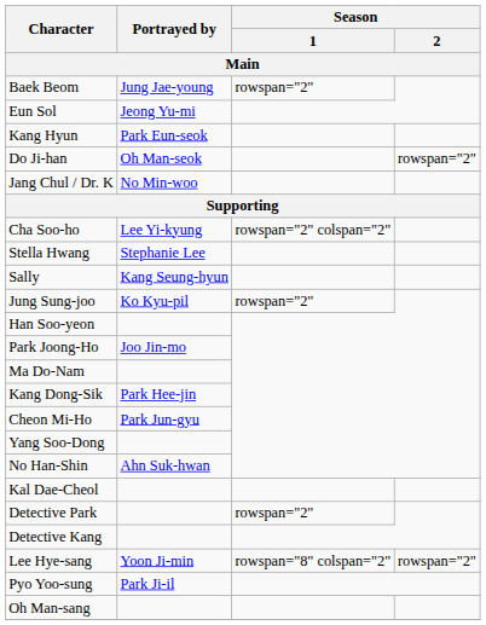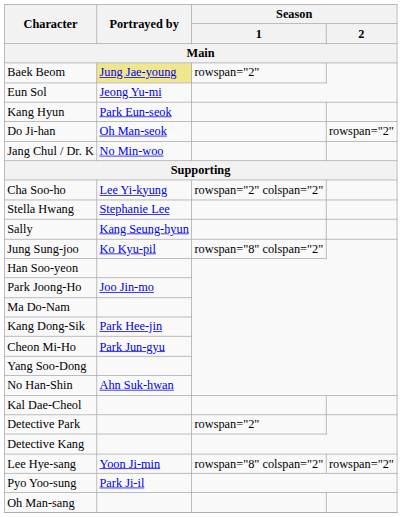 <table class="wikitable">
 <tr>
 <th scope="col" rowspan="2">Character</th>
 <th scope="col" rowspan="2">Portrayed by</th>
 <th scope="col" colspan="2">Season</th>
 </tr>
 <tr>
 <th scope="col">1</th>
 <th scope="col">2</th>
 </tr>
 <tr>
 <th scope="col" colspan="4">Main</th>
 </tr>
 <tr>
 <td>Baek Beom</td>
-<td><a href='#'>Jung Jae-young</a></td>
+<td style="background: khaki;"><a href='#'>Jung Jae-young</a></td>
 <td>rowspan="2" </td>
 </tr>
 <tr>
 <td>Eun Sol</td>
 <td><a href='#'>Jeong Yu-mi</a></td>
 </tr>
 <tr>
 <td>Kang Hyun</td>
 <td><a href='#'>Park Eun-seok</a></td>
 <td></td>
 <td></td>
 </tr>
 <tr>
 <td>Do Ji-han</td>
 <td><a href='#'>Oh Man-seok</a></td>
 <td></td>
 <td>rowspan="2"  </td>
 </tr>
 <tr>
 <td>Jang Chul / Dr. K</td>
 <td><a href='#'>No Min-woo</a></td>
 <td></td>
 </tr>
 <tr>
 <th scope="col" colspan="4">Supporting</th>
 </tr>
 <tr>
 <td>Cha Soo-ho</td>
 <td><a href='#'>Lee Yi-kyung</a></td>
 <td>rowspan="2" colspan="2" </td>
 <td></td>
 </tr>
 <tr>
 <td>Stella Hwang</td>
 <td><a href='#'>Stephanie Lee</a></td>
 <td></td>
 </tr>
 <tr>
 <td>Sally</td>
 <td><a href='#'>Kang Seung-hyun</a></td>
 <td></td>
 <td></td>
 </tr>
 <tr>
 <td>Jung Sung-joo</td>
 <td><a href='#'>Ko Kyu-pil</a></td>
-<td>rowspan="2" </td>
+<td>rowspan="8" colspan="2" </td>
 </tr>
 <tr>
 <td>Han Soo-yeon</td>
 <td></td>
 </tr>
 <tr>
 <td>Park Joong-Ho</td>
 <td><a href='#'>Joo Jin-mo</a></td>
 </tr>
 <tr>
 <td>Ma Do-Nam</td>
 <td></td>
 </tr>
 <tr>
 <td>Kang Dong-Sik</td>
 <td><a href='#'>Park Hee-jin</a></td>
 </tr>
 <tr>
 <td>Cheon Mi-Ho</td>
 <td><a href='#'>Park Jun-gyu</a></td>
 </tr>
 <tr>
 <td>Yang Soo-Dong</td>
 <td></td>
 </tr>
 <tr>
 <td>No Han-Shin</td>
 <td><a href='#'>Ahn Suk-hwan</a></td>
 </tr>
 <tr>
 <td>Kal Dae-Cheol</td>
 <td></td>
 <td></td>
 <td></td>
 </tr>
 <tr>
 <td>Detective Park</td>
 <td></td>
 <td>rowspan="2" </td>
 </tr>
 <tr>
 <td>Detective Kang</td>
 <td></td>
 </tr>
 <tr>
 <td>Lee Hye-sang</td>
 <td><a href='#'>Yoon Ji-min</a></td>
 <td>rowspan="8" colspan="2" </td>
 <td>rowspan="2" </td>
 </tr>
 <tr>
 <td>Pyo Yoo-sung</td>
 <td><a href='#'>Park Ji-il</a></td>
 </tr>
 <tr>
 <td>Oh Man-sang</td>
 <td></td>
 <td></td>
 <td></td>
 </tr>
 <tr>
 </tr>
 </table>
